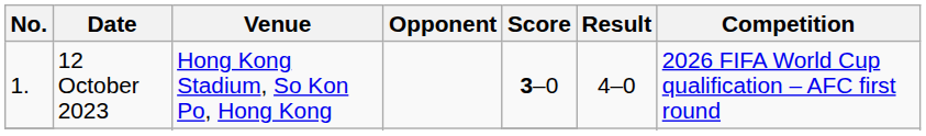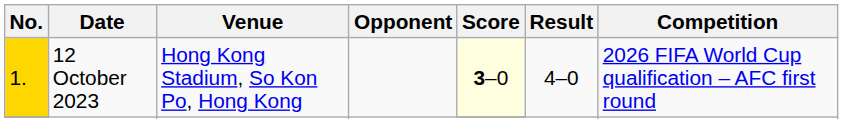 <table class="wikitable" style="font-size:95%;">
 <tr>
 <th>No.</th>
 <th>Date</th>
 <th>Venue</th>
 <th>Opponent</th>
 <th>Score</th>
 <th>Result</th>
 <th>Competition</th>
 </tr>
 <tr>
-<td>1.</td>
+<td style="background: gold;">1.</td>
 <td rowspan="2">12 October 2023</td>
 <td rowspan="2"><a href='#'>Hong Kong Stadium</a>, <a href='#'>So Kon Po</a>, <a href='#'>Hong Kong</a></td>
 <td rowspan="2"></td>
-<td align="center"><strong>3</strong>–0</td>
+<td align="center" style="background: lightyellow;"><strong>3</strong>–0</td>
 <td rowspan="2" align="center">4–0</td>
 <td rowspan="2"><a href='#'>2026 FIFA World Cup qualification – AFC first round</a></td>
 </tr>
 <tr>
 </tr>
 </table>
